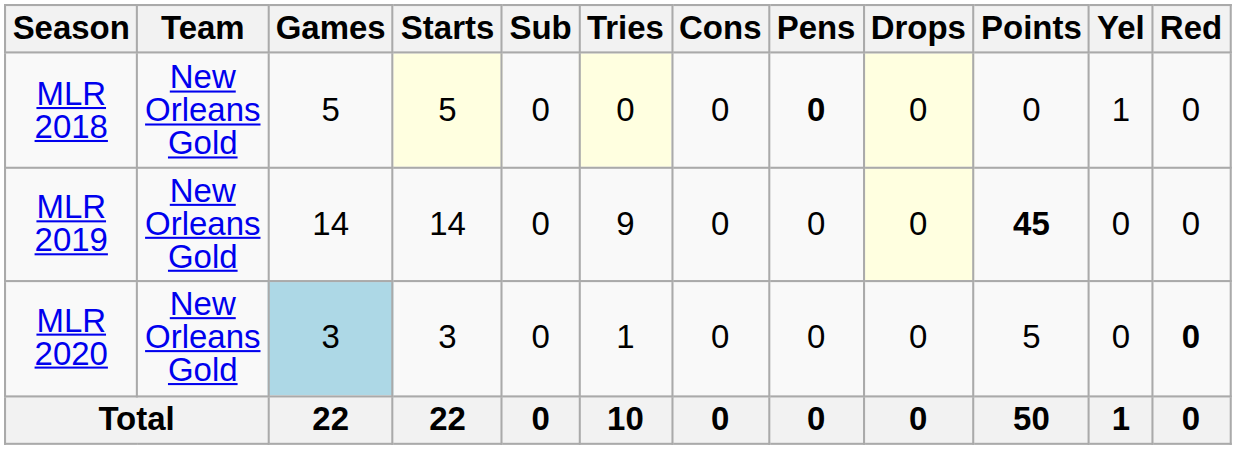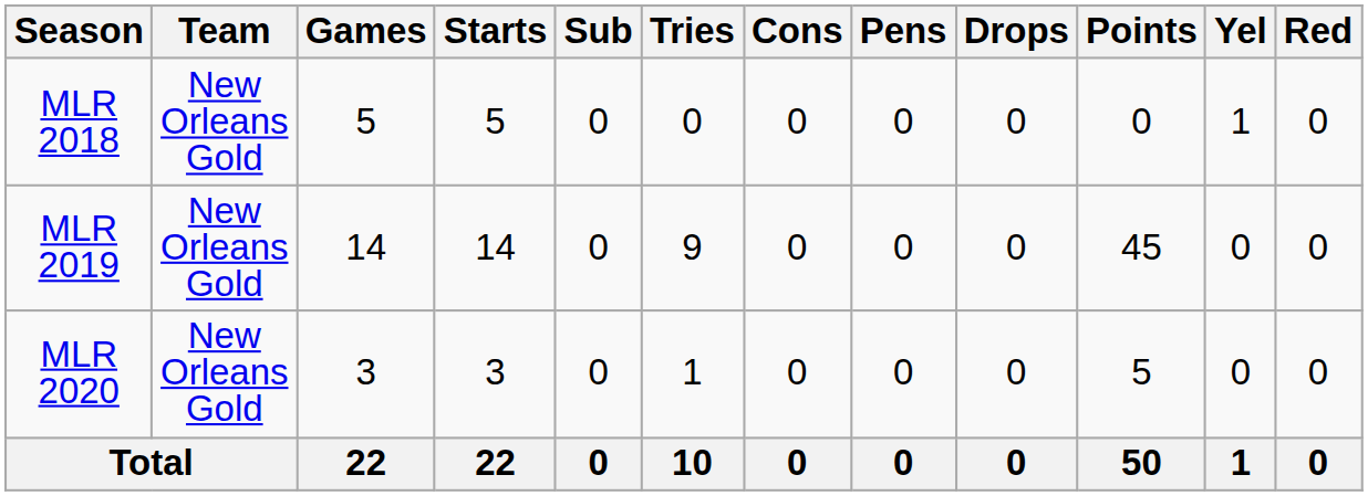 <table class="wikitable" style="text-align:center; line-height:100%; font-size:100%; width:70%;">
 <tr>
 <th>Season</th>
 <th>Team</th>
 <th>Games</th>
 <th>Starts</th>
 <th>Sub</th>
 <th>Tries</th>
 <th>Cons</th>
 <th>Pens</th>
 <th>Drops</th>
 <th>Points</th>
 <th>Yel</th>
 <th>Red</th>
 </tr>
 <tr>
 <td><a href='#'>MLR 2018</a></td>
 <td><a href='#'>New Orleans Gold</a></td>
 <td>5</td>
-<td style="background: lightyellow;">5</td>
+<td>5</td>
 <td>0</td>
-<td style="background: lightyellow;">0</td>
 <td>0</td>
-<td><strong>0</strong></td>
-<td style="background: lightyellow;">0</td>
+<td>0</td>
+<td>0</td>
+<td>0</td>
 <td>0</td>
 <td>1</td>
 <td>0</td>
 </tr>
 <tr>
 <td><a href='#'>MLR 2019</a></td>
 <td><a href='#'>New Orleans Gold</a></td>
 <td>14</td>
 <td>14</td>
 <td>0</td>
 <td>9</td>
 <td>0</td>
 <td>0</td>
-<td style="background: lightyellow;">0</td>
-<td><strong>45</strong></td>
+<td>0</td>
+<td>45</td>
 <td>0</td>
 <td>0</td>
 </tr>
 <tr>
 <td><a href='#'>MLR 2020</a></td>
 <td><a href='#'>New Orleans Gold</a></td>
-<td style="background: lightblue;">3</td>
+<td>3</td>
 <td>3</td>
 <td>0</td>
 <td>1</td>
 <td>0</td>
 <td>0</td>
 <td>0</td>
 <td>5</td>
 <td>0</td>
-<td><strong>0</strong></td>
+<td>0</td>
 </tr>
 <tr>
 <th colspan="2">Total</th>
 <th>22</th>
 <th>22</th>
 <th>0</th>
 <th>10</th>
 <th>0</th>
 <th>0</th>
 <th>0</th>
 <th>50</th>
 <th>1</th>
 <th>0</th>
 </tr>
 </table>
